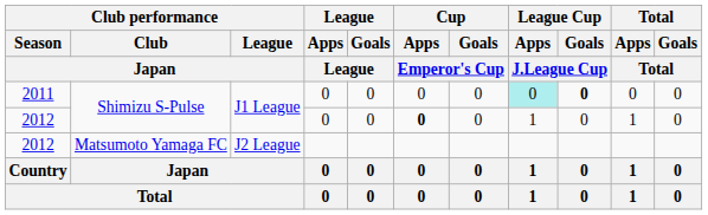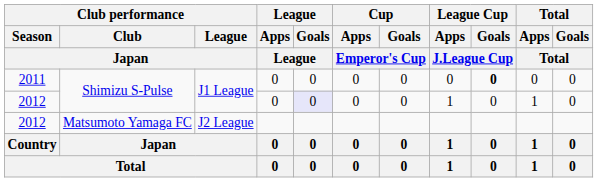 <table class="wikitable" style="text-align:center;">
 <tr>
 <th colspan=3>Club performance</th>
 <th colspan=2>League</th>
 <th colspan=2>Cup</th>
 <th colspan=2>League Cup</th>
 <th colspan=2>Total</th>
 </tr>
 <tr>
 <th>Season</th>
 <th>Club</th>
 <th>League</th>
 <th>Apps</th>
 <th>Goals</th>
 <th>Apps</th>
 <th>Goals</th>
 <th>Apps</th>
 <th>Goals</th>
 <th>Apps</th>
 <th>Goals</th>
 </tr>
 <tr>
 <th colspan=3>Japan</th>
 <th colspan=2>League</th>
 <th colspan=2><a href='#'>Emperor's Cup</a></th>
 <th colspan=2><a href='#'>J.League Cup</a></th>
 <th colspan=2>Total</th>
 </tr>
 <tr>
 <td><a href='#'>2011</a></td>
 <td rowspan="2"><a href='#'>Shimizu S-Pulse</a></td>
 <td rowspan="2"><a href='#'>J1 League</a></td>
 <td>0</td>
 <td>0</td>
 <td>0</td>
 <td>0</td>
-<td style="background: paleturquoise;">0</td>
+<td>0</td>
 <td><strong>0</strong></td>
 <td>0</td>
 <td>0</td>
 </tr>
 <tr>
 <td><a href='#'>2012</a></td>
 <td>0</td>
+<td style="background: lavender;">0</td>
 <td>0</td>
-<td><strong>0</strong></td>
 <td>0</td>
 <td>1</td>
 <td>0</td>
 <td>1</td>
 <td>0</td>
 </tr>
 <tr>
 <td><a href='#'>2012</a></td>
 <td><a href='#'>Matsumoto Yamaga FC</a></td>
 <td><a href='#'>J2 League</a></td>
 <td></td>
 <td></td>
 <td></td>
 <td></td>
 <td></td>
 <td></td>
 <td></td>
 <td></td>
 </tr>
 <tr>
 <th rowspan=1>Country</th>
 <th colspan=2>Japan</th>
 <th>0</th>
 <th>0</th>
 <th>0</th>
 <th>0</th>
 <th>1</th>
 <th>0</th>
 <th>1</th>
 <th>0</th>
 </tr>
 <tr>
 <th colspan=3>Total</th>
 <th>0</th>
 <th>0</th>
 <th>0</th>
 <th>0</th>
 <th>1</th>
 <th>0</th>
 <th>1</th>
 <th>0</th>
 </tr>
 </table>
